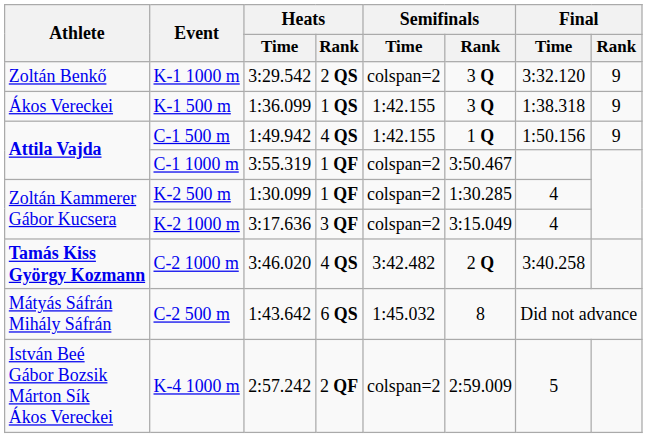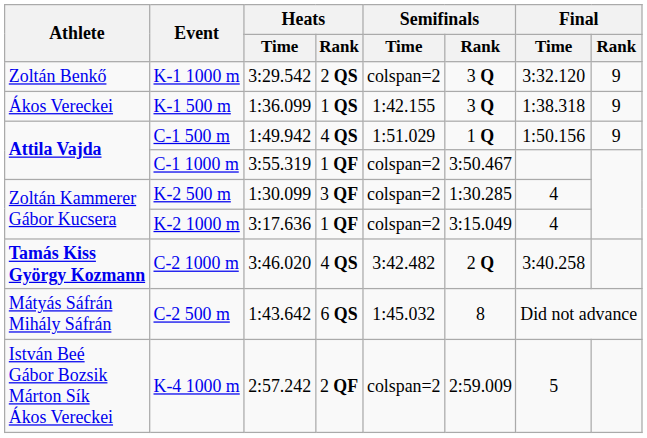 <table class=wikitable style="font-size:90%">
 <tr>
 <th rowspan="2">Athlete</th>
 <th rowspan="2">Event</th>
 <th colspan="2">Heats</th>
 <th colspan="2">Semifinals</th>
 <th colspan="2">Final</th>
 </tr>
 <tr style="font-size:95%">
 <th>Time</th>
 <th>Rank</th>
 <th>Time</th>
 <th>Rank</th>
 <th>Time</th>
 <th>Rank</th>
 </tr>
 <tr align=center>
 <td align=left><a href='#'>Zoltán Benkő</a></td>
 <td align=left><a href='#'>K-1 1000 m</a></td>
 <td>3:29.542</td>
 <td>2 <strong>QS</strong></td>
 <td>colspan=2 </td>
 <td>3 <strong>Q</strong></td>
 <td>3:32.120</td>
 <td>9</td>
 </tr>
 <tr align=center>
 <td align=left><a href='#'>Ákos Vereckei</a></td>
 <td align=left><a href='#'>K-1 500 m</a></td>
 <td>1:36.099</td>
 <td>1 <strong>QS</strong></td>
 <td>1:42.155</td>
 <td>3 <strong>Q</strong></td>
 <td>1:38.318</td>
 <td>9</td>
 </tr>
 <tr align=center>
 <td align=left rowspan=2><strong><a href='#'>Attila Vajda</a></strong></td>
 <td align=left><a href='#'>C-1 500 m</a></td>
 <td>1:49.942</td>
 <td>4 <strong>QS</strong></td>
-<td>1:42.155</td>
+<td>1:51.029</td>
 <td>1 <strong>Q</strong></td>
 <td>1:50.156</td>
 <td>9</td>
 </tr>
 <tr align=center>
 <td align=left><a href='#'>C-1 1000 m</a></td>
 <td>3:55.319</td>
 <td>1 <strong>QF</strong></td>
 <td>colspan=2 </td>
 <td>3:50.467</td>
 <td></td>
 </tr>
 <tr align=center>
 <td align=left rowspan=2><a href='#'>Zoltán Kammerer</a><br> <a href='#'>Gábor Kucsera</a></td>
 <td align=left><a href='#'>K-2 500 m</a></td>
 <td>1:30.099</td>
-<td>1 <strong>QF</strong></td>
+<td>3 <strong>QF</strong></td>
 <td>colspan=2 </td>
 <td>1:30.285</td>
 <td>4</td>
 </tr>
 <tr align=center>
 <td align=left><a href='#'>K-2 1000 m</a></td>
 <td>3:17.636</td>
-<td>3 <strong>QF</strong></td>
+<td>1 <strong>QF</strong></td>
 <td>colspan=2 </td>
 <td>3:15.049</td>
 <td>4</td>
 </tr>
 <tr align=center>
 <td align=left><strong><a href='#'>Tamás Kiss</a><br> <a href='#'>György Kozmann</a></strong></td>
 <td align=left><a href='#'>C-2 1000 m</a></td>
 <td>3:46.020</td>
 <td>4 <strong>QS</strong></td>
 <td>3:42.482</td>
 <td>2 <strong>Q</strong></td>
 <td>3:40.258</td>
 <td></td>
 </tr>
 <tr align=center>
 <td align=left><a href='#'>Mátyás Sáfrán</a><br> <a href='#'>Mihály Sáfrán</a></td>
 <td align=left><a href='#'>C-2 500 m</a></td>
 <td>1:43.642</td>
 <td>6 <strong>QS</strong></td>
 <td>1:45.032</td>
 <td>8</td>
 <td colspan=2>Did not advance</td>
 </tr>
 <tr align=center>
 <td align=left><a href='#'>István Beé</a> <br><a href='#'>Gábor Bozsik</a><br><a href='#'>Márton Sík</a><br><a href='#'>Ákos Vereckei</a></td>
 <td align=left><a href='#'>K-4 1000 m</a></td>
 <td>2:57.242</td>
 <td>2 <strong>QF</strong></td>
 <td>colspan=2 </td>
 <td>2:59.009</td>
 <td>5</td>
 </tr>
 </table>
